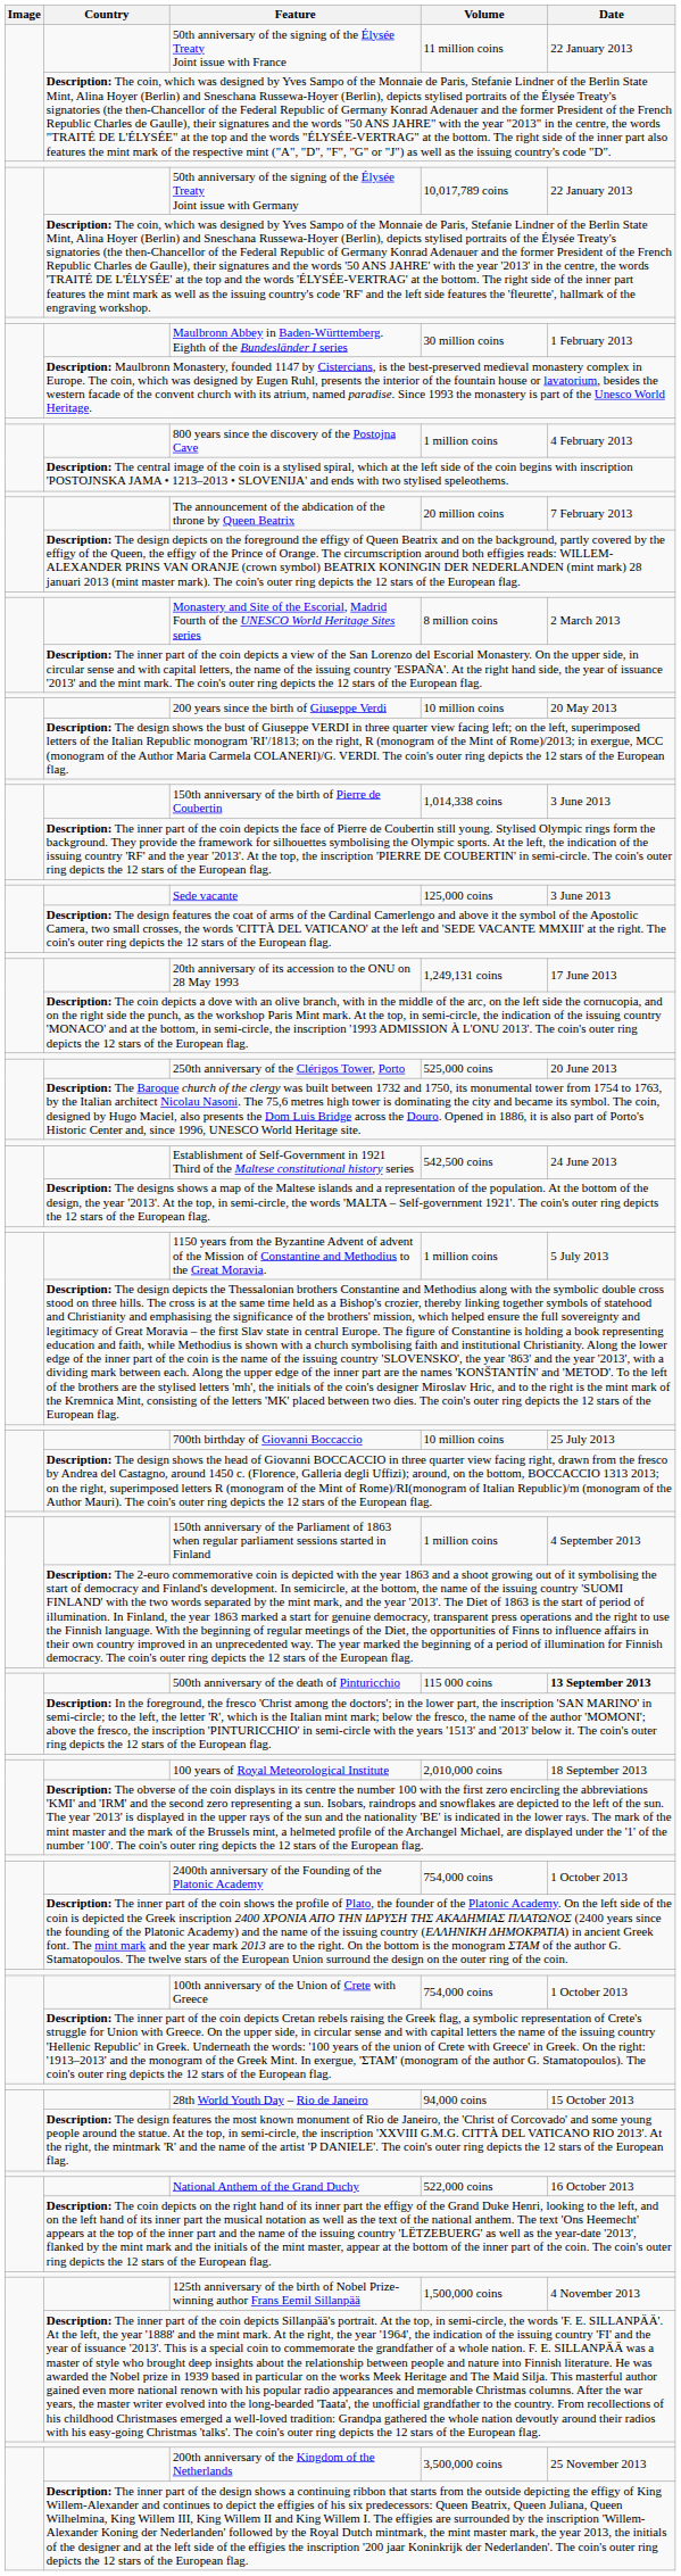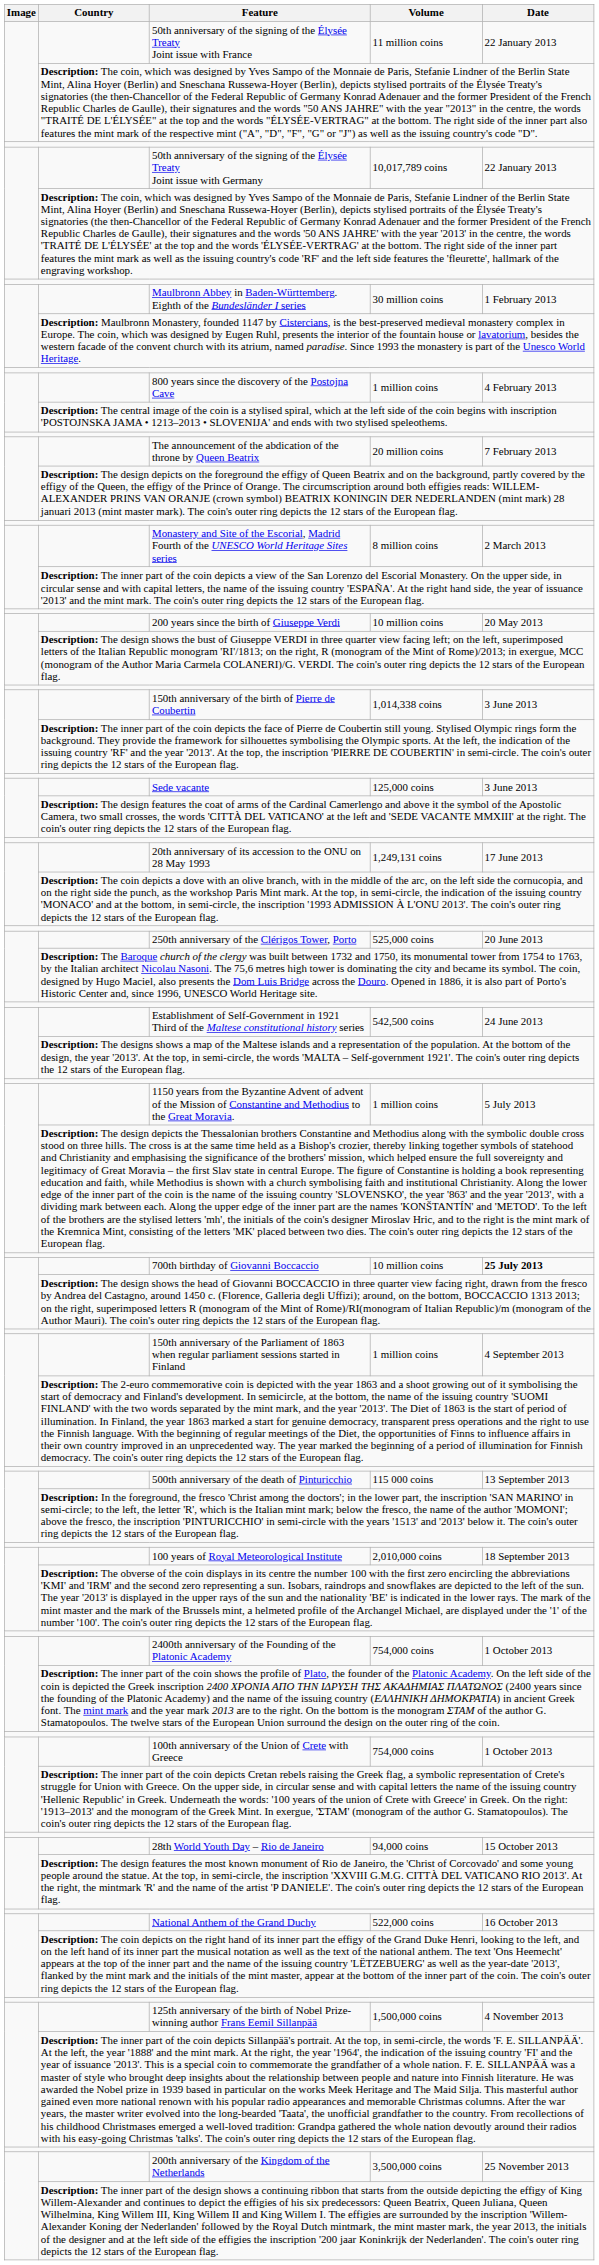 <table class="wikitable">
 <tr>
 <th>Image</th>
 <th>Country</th>
 <th>Feature</th>
 <th>Volume</th>
 <th>Date</th>
 </tr>
 <tr>
 <td style="width:160px;" rowspan="2"></td>
 <td style="width:20%;"></td>
 <td style="width:40%;">50th anniversary of the signing of the <a href='#'>Élysée Treaty</a><br> Joint issue with France</td>
 <td style="width:20%;">11 million coins</td>
 <td style="width:20%;">22 January 2013</td>
 </tr>
 <tr>
 <td colspan="5"><strong>Description:</strong> The coin, which was designed by Yves Sampo of the Monnaie de Paris, Stefanie Lindner of the Berlin State Mint, Alina Hoyer (Berlin) and Sneschana Russewa-Hoyer (Berlin), depicts stylised portraits of the Élysée Treaty's signatories (the then-Chancellor of the Federal Republic of Germany Konrad Adenauer and the former President of the French Republic Charles de Gaulle), their signatures and the words "50 ANS JAHRE" with the year "2013" in the centre, the words "TRAITÉ DE L'ÉLYSÉE" at the top and the words "ÉLYSÉE-VERTRAG" at the bottom. The right side of the inner part also features the mint mark of the respective mint ("A", "D", "F", "G" or "J") as well as the issuing country's code "D".</td>
 </tr>
 <tr>
 <td colspan="5"></td>
 </tr>
 <tr>
 <td style="width:160px;" rowspan="2"></td>
 <td style="width:20%;"></td>
 <td style="width:40%;">50th anniversary of the signing of the <a href='#'>Élysée Treaty</a><br> Joint issue with Germany</td>
 <td style="width:20%;">10,017,789 coins</td>
 <td style="width:20%;">22 January 2013</td>
 </tr>
 <tr>
 <td colspan="5"><strong>Description:</strong> The coin, which was designed by Yves Sampo of the Monnaie de Paris, Stefanie Lindner of the Berlin State Mint, Alina Hoyer (Berlin) and Sneschana Russewa-Hoyer (Berlin), depicts stylised portraits of the Élysée Treaty's signatories (the then-Chancellor of the Federal Republic of Germany Konrad Adenauer and the former President of the French Republic Charles de Gaulle), their signatures and the words '50 ANS JAHRE' with the year '2013' in the centre, the words 'TRAITÉ DE L'ÉLYSÉE' at the top and the words 'ÉLYSÉE-VERTRAG' at the bottom. The right side of the inner part features the mint mark as well as the issuing country's code 'RF' and the left side features the 'fleurette', hallmark of the engraving workshop.</td>
 </tr>
 <tr>
 <td colspan="5"></td>
 </tr>
 <tr>
 <td style="width:160px;" rowspan="2"></td>
 <td style="width:20%;"></td>
 <td style="width:40%;"><a href='#'>Maulbronn Abbey</a> in <a href='#'>Baden-Württemberg</a>.<br>Eighth of the <a href='#'><em>Bundesländer I</em> series</a></td>
 <td style="width:20%;">30 million coins</td>
 <td style="width:20%;">1 February 2013</td>
 </tr>
 <tr>
 <td colspan="5"><strong>Description:</strong> Maulbronn Monastery, founded 1147 by <a href='#'>Cistercians</a>, is the best-preserved medieval monastery complex in Europe. The coin, which was designed by Eugen Ruhl, presents the interior of the fountain house or <a href='#'>lavatorium</a>, besides the western facade of the convent church with its atrium, named <em>paradise</em>. Since 1993 the monastery is part of the <a href='#'>Unesco World Heritage</a>.</td>
 </tr>
 <tr>
 <td colspan="5"></td>
 </tr>
 <tr>
 <td style="width:160px;" rowspan="2"></td>
 <td style="width:20%;"></td>
 <td style="width:40%;">800 years since the discovery of the <a href='#'>Postojna Cave</a></td>
 <td style="width:20%;">1 million coins</td>
 <td style="width:20%;">4 February 2013</td>
 </tr>
 <tr>
 <td colspan="5"><strong>Description:</strong> The central image of the coin is a stylised spiral, which at the left side of the coin begins with inscription 'POSTOJNSKA JAMA • 1213–2013 • SLOVENIJA' and ends with two stylised speleothems.</td>
 </tr>
 <tr>
 <td colspan="5"></td>
 </tr>
 <tr>
 <td style="width:160px;" rowspan="2"></td>
 <td style="width:20%;"></td>
 <td style="width:40%;">The announcement of the abdication of the throne by <a href='#'>Queen Beatrix</a></td>
 <td style="width:20%;">20 million coins</td>
 <td style="width:20%;">7 February 2013</td>
 </tr>
 <tr>
 <td colspan="5"><strong>Description:</strong> The design depicts on the foreground the effigy of Queen Beatrix and on the background, partly covered by the effigy of the Queen, the effigy of the Prince of Orange. The circumscription around both effigies reads: WILLEM-ALEXANDER PRINS VAN ORANJE (crown symbol) BEATRIX KONINGIN DER NEDERLANDEN (mint mark) 28 januari 2013 (mint master mark). The coin's outer ring depicts the 12 stars of the European flag.</td>
 </tr>
 <tr>
 <td colspan="5"></td>
 </tr>
 <tr>
 <td style="width:160px;" rowspan="2"></td>
 <td style="width:20%;"></td>
 <td style="width:40%;"><a href='#'>Monastery and Site of the Escorial</a>, <a href='#'>Madrid</a><br>Fourth of the <a href='#'><em>UNESCO World Heritage Sites</em> series</a></td>
 <td style="width:20%;">8 million coins</td>
 <td style="width:20%;">2 March 2013</td>
 </tr>
 <tr>
 <td colspan="5"><strong>Description:</strong> The inner part of the coin depicts a view of the San Lorenzo del Escorial Monastery. On the upper side, in circular sense and with capital letters, the name of the issuing country 'ESPAÑA'. At the right hand side, the year of issuance '2013' and the mint mark. The coin's outer ring depicts the 12 stars of the European flag.</td>
 </tr>
 <tr>
 <td colspan="5"></td>
 </tr>
 <tr>
 <td style="width:160px;" rowspan="2"></td>
 <td style="width:20%;"></td>
 <td style="width:40%;">200 years since the birth of <a href='#'>Giuseppe Verdi</a></td>
 <td style="width:20%;">10 million coins</td>
 <td style="width:20%;">20 May 2013</td>
 </tr>
 <tr>
 <td colspan="5"><strong>Description:</strong> The design shows the bust of Giuseppe VERDI in three quarter view facing left; on the left, superimposed letters of the Italian Republic monogram 'RI'/1813; on the right, R (monogram of the Mint of Rome)/2013; in exergue, MCC (monogram of the Author Maria Carmela COLANERI)/G. VERDI. The coin's outer ring depicts the 12 stars of the European flag.</td>
 </tr>
 <tr>
 <td colspan="5"></td>
 </tr>
 <tr>
 <td style="width:160px;" rowspan="2"></td>
 <td style="width:20%;"></td>
 <td style="width:40%;">150th anniversary of the birth of <a href='#'>Pierre de Coubertin</a></td>
 <td style="width:20%;">1,014,338 coins</td>
 <td style="width:20%;">3 June 2013</td>
 </tr>
 <tr>
 <td colspan="5"><strong>Description:</strong> The inner part of the coin depicts the face of Pierre de Coubertin still young. Stylised Olympic rings form the background. They provide the framework for silhouettes symbolising the Olympic sports. At the left, the indication of the issuing country 'RF' and the year '2013'. At the top, the inscription 'PIERRE DE COUBERTIN' in semi-circle. The coin's outer ring depicts the 12 stars of the European flag.</td>
 </tr>
 <tr>
 <td colspan="5"></td>
 </tr>
 <tr>
 <td style="width:160px;" rowspan="2"></td>
 <td style="width:20%;"></td>
 <td style="width:40%;"><a href='#'>Sede vacante</a></td>
 <td style="width:20%;">125,000 coins</td>
 <td style="width:20%;">3 June 2013</td>
 </tr>
 <tr>
 <td colspan="5"><strong>Description:</strong> The design features the coat of arms of the Cardinal Camerlengo and above it the symbol of the Apostolic Camera, two small crosses, the words 'CITTÀ DEL VATICANO' at the left and 'SEDE VACANTE MMXIII' at the right. The coin's outer ring depicts the 12 stars of the European flag.</td>
 </tr>
 <tr>
 <td colspan="5"></td>
 </tr>
 <tr>
 <td style="width:160px;" rowspan="2"></td>
 <td style="width:20%;"></td>
 <td style="width:40%;">20th anniversary of its accession to the ONU on 28 May 1993</td>
 <td style="width:20%;">1,249,131 coins</td>
 <td style="width:20%;">17 June 2013</td>
 </tr>
 <tr>
 <td colspan="5"><strong>Description:</strong> The coin depicts a dove with an olive branch, with in the middle of the arc, on the left side the cornucopia, and on the right side the punch, as the workshop Paris Mint mark. At the top, in semi-circle, the indication of the issuing country 'MONACO' and at the bottom, in semi-circle, the inscription '1993 ADMISSION À L'ONU 2013'. The coin's outer ring depicts the 12 stars of the European flag.</td>
 </tr>
 <tr>
 <td colspan="5"></td>
 </tr>
 <tr>
 <td style="width:160px;" rowspan="2"></td>
 <td style="width:20%;"></td>
 <td style="width:40%;">250th anniversary of the <a href='#'>Clérigos Tower</a>, <a href='#'>Porto</a></td>
 <td style="width:20%;">525,000 coins</td>
 <td style="width:20%;">20 June 2013</td>
 </tr>
 <tr>
 <td colspan="5"><strong>Description:</strong> The <a href='#'>Baroque</a> <em>church of the clergy</em> was built between 1732 and 1750, its monumental tower from 1754 to 1763, by the Italian architect <a href='#'>Nicolau Nasoni</a>. The 75,6 metres high tower is dominating the city and became its symbol. The coin, designed by Hugo Maciel, also presents the <a href='#'>Dom Luis Bridge</a> across the <a href='#'>Douro</a>. Opened in 1886, it is also part of Porto's Historic Center and, since 1996, UNESCO World Heritage site.</td>
 </tr>
 <tr>
 <td colspan="5"></td>
 </tr>
 <tr>
 <td style="width:160px;" rowspan="2"></td>
 <td style="width:20%;"></td>
 <td style="width:40%;">Establishment of Self-Government in 1921<br>Third of the <em><a href='#'>Maltese constitutional history</a></em> series</td>
 <td style="width:20%;">542,500 coins</td>
 <td style="width:20%;">24 June 2013</td>
 </tr>
 <tr>
 <td colspan="5"><strong>Description:</strong> The designs shows a map of the Maltese islands and a representation of the population. At the bottom of the design, the year '2013'. At the top, in semi-circle, the words 'MALTA – Self-government 1921'. The coin's outer ring depicts the 12 stars of the European flag.</td>
 </tr>
 <tr>
 <td colspan="5"></td>
 </tr>
 <tr>
 <td style="width:160px;" rowspan="2"></td>
 <td style="width:20%;"></td>
 <td style="width:40%;">1150 years from the Byzantine Advent of advent of the Mission of <a href='#'>Constantine and Methodius</a> to the <a href='#'>Great Moravia</a>.</td>
 <td style="width:20%;">1 million coins</td>
 <td style="width:20%;">5 July 2013</td>
 </tr>
 <tr>
 <td colspan="5"><strong>Description:</strong> The design depicts the Thessalonian brothers Constantine and Methodius along with the symbolic double cross stood on three hills. The cross is at the same time held as a Bishop's crozier, thereby linking together symbols of statehood and Christianity and emphasising the significance of the brothers' mission, which helped ensure the full sovereignty and legitimacy of Great Moravia – the first Slav state in central Europe. The figure of Constantine is holding a book representing education and faith, while Methodius is shown with a church symbolising faith and institutional Christianity. Along the lower edge of the inner part of the coin is the name of the issuing country 'SLOVENSKO', the year '863' and the year '2013', with a dividing mark between each. Along the upper edge of the inner part are the names 'KONŠTANTÍN' and 'METOD'. To the left of the brothers are the stylised letters 'mh', the initials of the coin's designer Miroslav Hric, and to the right is the mint mark of the Kremnica Mint, consisting of the letters 'MK' placed between two dies. The coin's outer ring depicts the 12 stars of the European flag.</td>
 </tr>
 <tr>
 <td colspan="5"></td>
 </tr>
 <tr>
 <td style="width:160px;" rowspan="2"></td>
 <td style="width:20%;"></td>
 <td style="width:40%;">700th birthday of <a href='#'>Giovanni Boccaccio</a></td>
 <td style="width:20%;">10 million coins</td>
-<td style="width:20%;">25 July 2013</td>
+<td style="width:20%;"><strong>25 July 2013</strong></td>
 </tr>
 <tr>
 <td colspan="5"><strong>Description:</strong> The design shows the head of Giovanni BOCCACCIO in three quarter view facing right, drawn from the fresco by Andrea del Castagno, around 1450 c. (Florence, Galleria degli Uffizi); around, on the bottom, BOCCACCIO 1313 2013; on the right, superimposed letters R (monogram of the Mint of Rome)/RI(monogram of Italian Republic)/m (monogram of the Author Mauri). The coin's outer ring depicts the 12 stars of the European flag.</td>
 </tr>
 <tr>
 <td colspan="5"></td>
 </tr>
 <tr>
 <td style="width:160px;" rowspan="2"></td>
 <td style="width:20%;"></td>
 <td style="width:40%;">150th anniversary of the Parliament of 1863 when regular parliament sessions started in Finland</td>
 <td style="width:20%;">1 million coins</td>
 <td style="width:20%;">4 September 2013</td>
 </tr>
 <tr>
 <td colspan="5"><strong>Description:</strong> The 2-euro commemorative coin is depicted with the year 1863 and a shoot growing out of it symbolising the start of democracy and Finland's development. In semicircle, at the bottom, the name of the issuing country 'SUOMI FINLAND' with the two words separated by the mint mark, and the year '2013'. The Diet of 1863 is the start of period of illumination. In Finland, the year 1863 marked a start for genuine democracy, transparent press operations and the right to use the Finnish language. With the beginning of regular meetings of the Diet, the opportunities of Finns to influence affairs in their own country improved in an unprecedented way. The year marked the beginning of a period of illumination for Finnish democracy. The coin's outer ring depicts the 12 stars of the European flag.</td>
 </tr>
 <tr>
 <td colspan="5"></td>
 </tr>
 <tr>
 <td style="width:160px;" rowspan="2"></td>
 <td style="width:20%;"></td>
 <td style="width:40%;">500th anniversary of the death of <a href='#'>Pinturicchio</a></td>
 <td style="width:20%;">115 000 coins</td>
-<td style="width:20%;"><strong>13 September 2013</strong></td>
+<td style="width:20%;">13 September 2013</td>
 </tr>
 <tr>
 <td colspan="5"><strong>Description:</strong> In the foreground, the fresco 'Christ among the doctors'; in the lower part, the inscription 'SAN MARINO' in semi-circle; to the left, the letter 'R', which is the Italian mint mark; below the fresco, the name of the author 'MOMONI'; above the fresco, the inscription 'PINTURICCHIO' in semi-circle with the years '1513' and '2013' below it. The coin's outer ring depicts the 12 stars of the European flag.</td>
 </tr>
 <tr>
 <td colspan="5"></td>
 </tr>
 <tr>
 <td style="width:160px;" rowspan="2"></td>
 <td style="width:20%;"></td>
 <td style="width:40%;">100 years of <a href='#'>Royal Meteorological Institute</a></td>
 <td style="width:20%;">2,010,000 coins</td>
 <td style="width:20%;">18 September 2013</td>
 </tr>
 <tr>
 <td colspan="5"><strong>Description:</strong> The obverse of the coin displays in its centre the number 100 with the first zero encircling the abbreviations 'KMI' and 'IRM' and the second zero representing a sun. Isobars, raindrops and snowflakes are depicted to the left of the sun. The year '2013' is displayed in the upper rays of the sun and the nationality 'BE' is indicated in the lower rays. The mark of the mint master and the mark of the Brussels mint, a helmeted profile of the Archangel Michael, are displayed under the '1' of the number '100'. The coin's outer ring depicts the 12 stars of the European flag.</td>
 </tr>
 <tr>
 <td colspan="5"></td>
 </tr>
 <tr>
 <td style="width:160px;" rowspan="2"></td>
 <td style="width:20%;"></td>
 <td style="width:20%;">2400th anniversary of the Founding of the <a href='#'>Platonic Academy</a></td>
 <td style="width:20%;">754,000 coins</td>
 <td style="width:20%;">1 October 2013</td>
 </tr>
 <tr>
 <td colspan="5"><strong>Description:</strong> The inner part of the coin shows the profile of <a href='#'>Plato</a>, the founder of the <a href='#'>Platonic Academy</a>. On the left side of the coin is depicted the Greek inscription <em>2400 ΧΡΟΝΙΑ ΑΠΟ ΤΗΝ ΙΔΡΥΣΗ ΤΗΣ ΑΚΑΔΗΜΙΑΣ ΠΛΑΤΩΝΟΣ</em> (2400 years since the founding of the Platonic Academy) and the name of the issuing country (<em>ΕΛΛΗΝΙΚΗ ΔΗΜΟΚΡΑΤΙΑ</em>) in ancient Greek font. The <a href='#'>mint mark</a> and the year mark <em>2013</em> are to the right. On the bottom is the monogram <em>ΣΤΑΜ</em> of the author G. Stamatopoulos. The twelve stars of the European Union surround the design on the outer ring of the coin.</td>
 </tr>
 <tr>
 <td colspan="5"></td>
 </tr>
 <tr>
 <td style="width:160px;" rowspan="2"></td>
 <td style="width:20%;"></td>
 <td style="width:20%;">100th anniversary of the Union of <a href='#'>Crete</a> with Greece</td>
 <td style="width:20%;">754,000 coins</td>
 <td style="width:20%;">1 October 2013</td>
 </tr>
 <tr>
 <td colspan="5"><strong>Description:</strong> The inner part of the coin depicts Cretan rebels raising the Greek flag, a symbolic representation of Crete's struggle for Union with Greece. On the upper side, in circular sense and with capital letters the name of the issuing country 'Hellenic Republic' in Greek. Underneath the words: '100 years of the union of Crete with Greece' in Greek. On the right: '1913–2013' and the monogram of the Greek Mint. In exergue, 'ΣΤΑΜ' (monogram of the author G. Stamatopoulos). The coin's outer ring depicts the 12 stars of the European flag.</td>
 </tr>
 <tr>
 <td colspan="5"></td>
 </tr>
 <tr>
 <td style="width:160px;" rowspan="2"></td>
 <td style="width:20%;"></td>
 <td style="width:40%;">28th <a href='#'>World Youth Day</a> – <a href='#'>Rio de Janeiro</a></td>
 <td style="width:20%;">94,000 coins</td>
 <td style="width:20%;">15 October 2013</td>
 </tr>
 <tr>
 <td colspan="5"><strong>Description:</strong> The design features the most known monument of Rio de Janeiro, the 'Christ of Corcovado' and some young people around the statue. At the top, in semi-circle, the inscription 'XXVIII G.M.G. CITTÀ DEL VATICANO RIO 2013'. At the right, the mintmark 'R' and the name of the artist 'P DANIELE'. The coin's outer ring depicts the 12 stars of the European flag.</td>
 </tr>
 <tr>
 <td colspan="5"></td>
 </tr>
 <tr>
 <td style="width:160px;" rowspan="2"></td>
 <td style="width:20%;"></td>
 <td style="width:40%;"><a href='#'>National Anthem of the Grand Duchy</a></td>
 <td style="width:20%;">522,000 coins</td>
 <td style="width:20%;">16 October 2013</td>
 </tr>
 <tr>
 <td colspan="5"><strong>Description:</strong> The coin depicts on the right hand of its inner part the effigy of the Grand Duke Henri, looking to the left, and on the left hand of its inner part the musical notation as well as the text of the national anthem. The text 'Ons Heemecht' appears at the top of the inner part and the name of the issuing country 'LËTZEBUERG' as well as the year-date '2013', flanked by the mint mark and the initials of the mint master, appear at the bottom of the inner part of the coin. The coin's outer ring depicts the 12 stars of the European flag.</td>
 </tr>
 <tr>
 <td colspan="5"></td>
 </tr>
 <tr>
 <td style="width:160px;" rowspan="2"></td>
 <td style="width:20%;"></td>
 <td style="width:40%;">125th anniversary of the birth of Nobel Prize-winning author <a href='#'>Frans Eemil Sillanpää</a></td>
 <td style="width:20%;">1,500,000 coins</td>
 <td style="width:20%;">4 November 2013</td>
 </tr>
 <tr>
 <td colspan="5"><strong>Description:</strong> The inner part of the coin depicts Sillanpää's portrait. At the top, in semi-circle, the words 'F. E. SILLANPÄÄ'. At the left, the year '1888' and the mint mark. At the right, the year '1964', the indication of the issuing country 'FI' and the year of issuance '2013'. This is a special coin to commemorate the grandfather of a whole nation. F. E. SILLANPÄÄ was a master of style who brought deep insights about the relationship between people and nature into Finnish literature. He was awarded the Nobel prize in 1939 based in particular on the works Meek Heritage and The Maid Silja. This masterful author gained even more national renown with his popular radio appearances and memorable Christmas columns. After the war years, the master writer evolved into the long-bearded 'Taata', the unofficial grandfather to the country. From recollections of his childhood Christmases emerged a well-loved tradition: Grandpa gathered the whole nation devoutly around their radios with his easy-going Christmas 'talks'. The coin's outer ring depicts the 12 stars of the European flag.</td>
 </tr>
 <tr>
 <td colspan="5"></td>
 </tr>
 <tr>
 <td style="width:160px;" rowspan="2"></td>
 <td style="width:20%;"></td>
 <td style="width:40%;">200th anniversary of the <a href='#'>Kingdom of the Netherlands</a></td>
 <td style="width:20%;">3,500,000 coins</td>
 <td style="width:20%;">25 November 2013</td>
 </tr>
 <tr>
 <td colspan="5"><strong>Description:</strong> The inner part of the design shows a continuing ribbon that starts from the outside depicting the effigy of King Willem-Alexander and continues to depict the effigies of his six predecessors: Queen Beatrix, Queen Juliana, Queen Wilhelmina, King Willem III, King Willem II and King Willem I. The effigies are surrounded by the inscription 'Willem-Alexander Koning der Nederlanden' followed by the Royal Dutch mintmark, the mint master mark, the year 2013, the initials of the designer and at the left side of the effigies the inscription '200 jaar Koninkrijk der Nederlanden'. The coin's outer ring depicts the 12 stars of the European flag.</td>
 </tr>
 </table>
